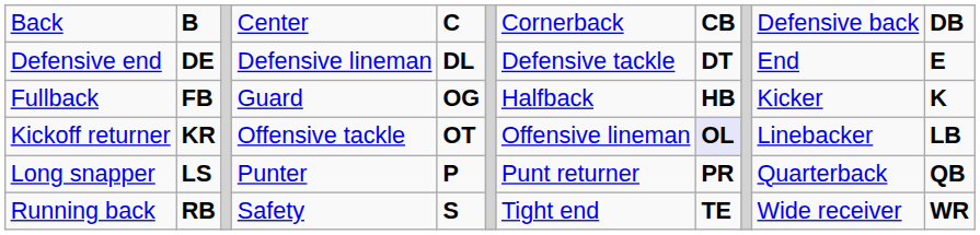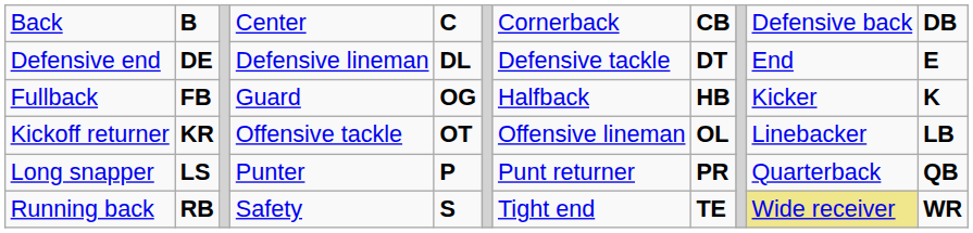 <table class="wikitable">
 <tr>
 <td><a href='#'>Back</a></td>
 <td><strong>B</strong></td>
 <td rowSpan="6" style="background-color:lightgrey;"></td>
 <td><a href='#'>Center</a></td>
 <td><strong>C</strong></td>
 <td rowSpan="6" style="background-color:lightgrey;"></td>
 <td><a href='#'>Cornerback</a></td>
 <td><strong>CB</strong></td>
 <td rowSpan="6" style="background-color:lightgrey;"></td>
 <td><a href='#'>Defensive back</a></td>
 <td><strong>DB</strong></td>
 </tr>
 <tr>
 <td><a href='#'>Defensive end</a></td>
 <td><strong>DE</strong></td>
 <td><a href='#'>Defensive lineman</a></td>
 <td><strong>DL</strong></td>
 <td><a href='#'>Defensive tackle</a></td>
 <td><strong>DT</strong></td>
 <td><a href='#'>End</a></td>
 <td><strong>E</strong></td>
 </tr>
 <tr>
 <td><a href='#'>Fullback</a></td>
 <td><strong>FB</strong></td>
 <td><a href='#'>Guard</a></td>
 <td><strong>OG</strong></td>
 <td><a href='#'>Halfback</a></td>
 <td><strong>HB</strong></td>
 <td><a href='#'>Kicker</a></td>
 <td><strong>K</strong></td>
 </tr>
 <tr>
 <td><a href='#'>Kickoff returner</a></td>
 <td><strong>KR</strong></td>
 <td><a href='#'>Offensive tackle</a></td>
 <td><strong>OT</strong></td>
 <td><a href='#'>Offensive lineman</a></td>
-<td style="background: lavender;"><strong>OL</strong></td>
+<td><strong>OL</strong></td>
 <td><a href='#'>Linebacker</a></td>
 <td><strong>LB</strong></td>
 </tr>
 <tr>
 <td><a href='#'>Long snapper</a></td>
 <td><strong>LS</strong></td>
 <td><a href='#'>Punter</a></td>
 <td><strong>P</strong></td>
 <td><a href='#'>Punt returner</a></td>
 <td><strong>PR</strong></td>
 <td><a href='#'>Quarterback</a></td>
 <td><strong>QB</strong></td>
 </tr>
 <tr>
 <td><a href='#'>Running back</a></td>
 <td><strong>RB</strong></td>
 <td><a href='#'>Safety</a></td>
 <td><strong>S</strong></td>
 <td><a href='#'>Tight end</a></td>
 <td><strong>TE</strong></td>
-<td><a href='#'>Wide receiver</a></td>
+<td style="background: khaki;"><a href='#'>Wide receiver</a></td>
 <td><strong>WR</strong></td>
 </tr>
 </table>
